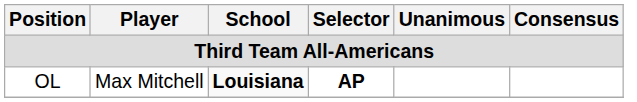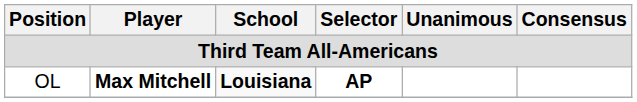 <table class="wikitable" border="0">
 <tr>
 <th>Position</th>
 <th>Player</th>
 <th>School</th>
 <th>Selector</th>
 <th>Unanimous</th>
 <th>Consensus</th>
 </tr>
 <tr>
 <td colspan="6" style="text-align:center; background:#ddd;"><strong>Third Team All-Americans</strong></td>
 </tr>
 <tr style="text-align:center;">
 <td style="background:white">OL</td>
-<td style="background:white">Max Mitchell</td>
+<td style="background:white"><strong>Max Mitchell</strong></td>
 <td style=><strong>Louisiana</strong></td>
 <td style="background:white"><strong>AP</strong></td>
 <td style="background:white"></td>
 <td style="background:white"></td>
 </tr>
 <tr>
 </tr>
 </table>
